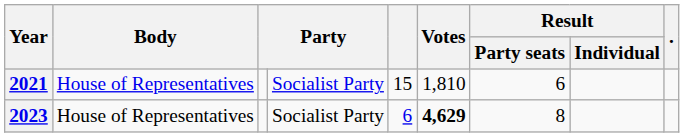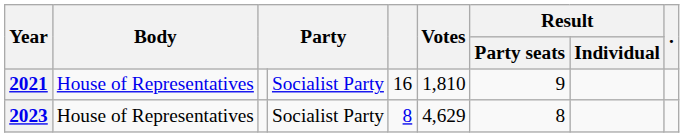 <table class="wikitable plainrowheaders sortable" border=2 cellpadding=4 cellspacing=0 style="border: 1px #aaa solid; font-size: 90%; text-align:center;">
 <tr>
 <th scope="col" rowspan=2>Year</th>
 <th scope="col" rowspan=2>Body</th>
 <th scope="col" colspan=2 rowspan=2>Party</th>
 <th scope="col" rowspan=2></th>
 <th scope="col" rowspan=2>Votes</th>
 <th scope="colgroup" colspan=2>Result</th>
 <th scope="col" rowspan=2 class="unsortable">.</th>
 </tr>
 <tr>
 <th scope="col">Party seats</th>
 <th scope="col">Individual</th>
 </tr>
 <tr>
 <th scope="row"><a href='#'>2021</a></th>
 <td><a href='#'>House of Representatives</a></td>
 <td style="background-color:"></td>
 <td><a href='#'>Socialist Party</a></td>
-<td style=text-align:right>15</td>
+<td style=text-align:right>16</td>
 <td style=text-align:right>1,810</td>
-<td style=text-align:right>6</td>
+<td style=text-align:right>9</td>
 <td></td>
 <td></td>
 </tr>
 <tr>
 <th scope="row"><a href='#'>2023</a></th>
 <td>House of Representatives</td>
 <td style="background-color:"></td>
 <td>Socialist Party</td>
-<td style=text-align:right><a href='#'>6</a></td>
-<td style=text-align:right><strong>4,629</strong></td>
+<td style=text-align:right><a href='#'>8</a></td>
+<td style=text-align:right>4,629</td>
 <td style=text-align:right>8</td>
 <td></td>
 <td></td>
 </tr>
 </table>
